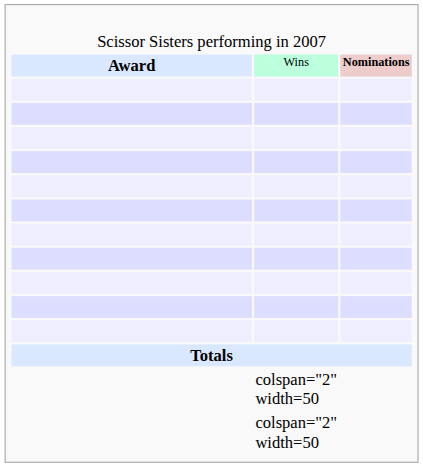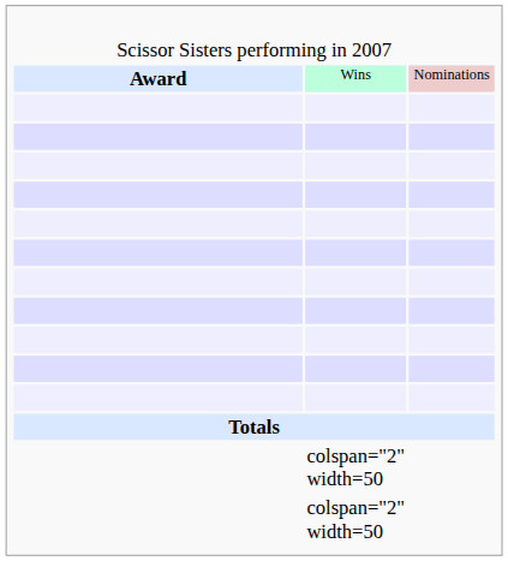 <table class="infobox" style="width: 25em; text-align: left; font-size: 90%; vertical-align: middle;">
 <tr>
 <td colspan="3" style="text-align:center;"><br>Scissor Sisters performing in 2007</td>
 </tr>
 <tr bgcolor=#D9E8FF style="text-align:center;">
 <th style="vertical-align: middle;">Award</th>
 <td style="background:#BFD; font-size:8pt;" width="60px">Wins</td>
-<td style="background:#eecccc; font-size:8pt;" width="60px"><strong>Nominations</strong></td>
+<td style="background:#eecccc; font-size:8pt;" width="60px">Nominations</td>
 </tr>
 <tr bgcolor=#eeeeff>
 <td align="center"><br></td>
 <td></td>
 <td></td>
 </tr>
 <tr bgcolor=#ddddff>
 <td align="center"><br></td>
 <td></td>
 <td></td>
 </tr>
 <tr bgcolor=#eeeeff>
 <td align="center"><br></td>
 <td></td>
 <td></td>
 </tr>
 <tr bgcolor=#ddddff>
 <td align="center"><br></td>
 <td></td>
 <td></td>
 </tr>
 <tr bgcolor=#eeeeff>
 <td align="center"><br></td>
 <td></td>
 <td></td>
 </tr>
 <tr bgcolor=#ddddff>
 <td align="center"><br></td>
 <td></td>
 <td></td>
 </tr>
 <tr bgcolor=#eeeeff>
 <td align="center"><br></td>
 <td></td>
 <td></td>
 </tr>
 <tr bgcolor=#ddddff>
 <td align="center"><br></td>
 <td></td>
 <td></td>
 </tr>
 <tr bgcolor=#eeeeff>
 <td align="center"><br></td>
 <td></td>
 <td></td>
 </tr>
 <tr bgcolor=#ddddff>
 <td align="center"><br></td>
 <td></td>
 <td></td>
 </tr>
 <tr bgcolor=#eeeeff>
 <td align="center"><br></td>
 <td></td>
 <td></td>
 </tr>
 <tr bgcolor=#D9E8FF>
 <td colspan="3" style="text-align:center;"><strong>Totals</strong></td>
 </tr>
 <tr>
 <td></td>
 <td>colspan="2" width=50 </td>
 </tr>
 <tr>
 <td></td>
 <td>colspan="2" width=50 </td>
 </tr>
 <tr>
 </tr>
 </table>
